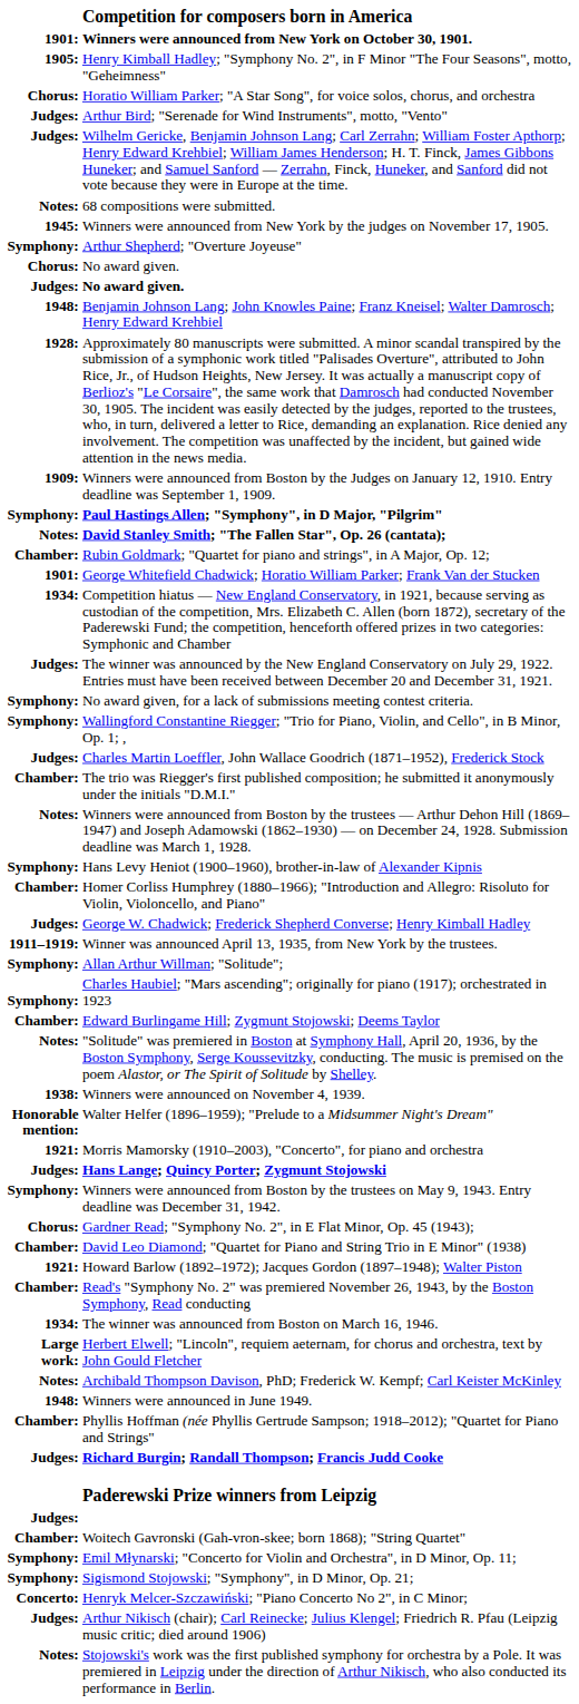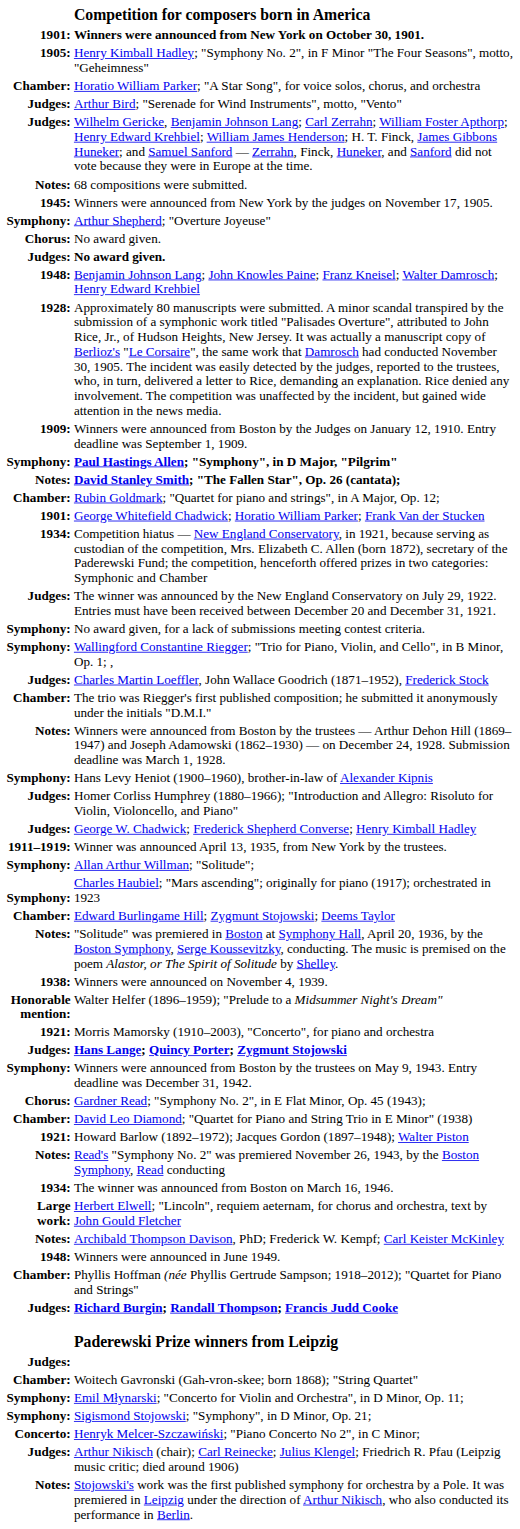 <table valign="top"; border="0" cellpadding="1" style="color:black; background-color: #FFFFFF">
 <tr valign="top">
 <td width="10%" style="text-align:right"></td>
 <td width="90%" style="text-align:left"><big><strong>Competition for composers born in America</strong></big><br></td>
 </tr>
 <tr valign="top">
 <td width="10%" style="text-align:right"><strong>1901:</strong></td>
 <td width="90%" style="text-align:left"><strong>Winners were announced from New York on October 30, 1901.</strong></td>
 </tr>
 <tr valign="top">
 <td width="10%" style="text-align:right"><strong>1905:</strong></td>
 <td width="90%" style="text-align:left"><a href='#'>Henry Kimball Hadley</a>; "Symphony No. 2", in F Minor "The Four Seasons", motto, "Geheimness"</td>
 </tr>
 <tr valign="top">
-<td width="10%" style="text-align:right"><strong>Chorus:</strong></td>
+<td width="10%" style="text-align:right"><strong>Chamber:</strong></td>
 <td width="90%" style="text-align:left"><a href='#'>Horatio William Parker</a>; "A Star Song", for voice solos, chorus, and orchestra</td>
 </tr>
 <tr valign="top">
 <td width="10%" style="text-align:right"><strong>Judges:</strong></td>
 <td width="90%" style="text-align:left"><a href='#'>Arthur Bird</a>; "Serenade for Wind Instruments", motto, "Vento"</td>
 </tr>
 <tr valign="top">
 <td width="10%" style="text-align:right"><strong>Judges:</strong></td>
 <td width="90%" style="text-align:left"><a href='#'>Wilhelm Gericke</a>, <a href='#'>Benjamin Johnson Lang</a>; <a href='#'>Carl Zerrahn</a>; <a href='#'>William Foster Apthorp</a>; <a href='#'>Henry Edward Krehbiel</a>; <a href='#'>William James Henderson</a>; H. T. Finck, <a href='#'>James Gibbons Huneker</a>; and <a href='#'>Samuel Sanford</a> — <a href='#'>Zerrahn</a>, Finck, <a href='#'>Huneker</a>, and <a href='#'>Sanford</a> did not vote because they were in Europe at the time.</td>
 </tr>
 <tr valign="top">
 <td width="10%" style="text-align:right"><strong>Notes:</strong></td>
 <td width="90%" style="text-align:left">68 compositions were submitted.<br></td>
 </tr>
 <tr valign="top">
 <td width="10%" style="text-align:right"><strong>1945:</strong></td>
 <td width="90%" style="text-align:left">Winners were announced from New York by the judges on November 17, 1905.</td>
 </tr>
 <tr valign="top">
 <td width="10%" style="text-align:right"><strong>Symphony:</strong></td>
 <td width="90%" style="text-align:left"><a href='#'>Arthur Shepherd</a>; "Overture Joyeuse"</td>
 </tr>
 <tr valign="top">
 <td width="10%" style="text-align:right"><strong>Chorus:</strong></td>
 <td width="90%" style="text-align:left">No award given.</td>
 </tr>
 <tr valign="top">
 <td width="10%" style="text-align:right"><strong>Judges:</strong></td>
 <td width="90%" style="text-align:left"><strong>No award given.</strong></td>
 </tr>
 <tr valign="top">
 <td width="10%" style="text-align:right"><strong>1948:</strong></td>
 <td width="90%" style="text-align:left"><a href='#'>Benjamin Johnson Lang</a>; <a href='#'>John Knowles Paine</a>; <a href='#'>Franz Kneisel</a>; <a href='#'>Walter Damrosch</a>; <a href='#'>Henry Edward Krehbiel</a></td>
 </tr>
 <tr valign="top">
 <td width="10%" style="text-align:right"><strong>1928:</strong></td>
 <td width="90%" style="text-align:left">Approximately 80 manuscripts were submitted.  A minor scandal transpired by the submission of a symphonic work titled "Palisades Overture", attributed to John Rice, Jr., of Hudson Heights, New Jersey.  It was actually a manuscript copy of <a href='#'>Berlioz's</a> "<a href='#'>Le Corsaire</a>", the same work that <a href='#'>Damrosch</a> had conducted November 30, 1905.  The incident was easily detected by the judges, reported to the trustees, who, in turn, delivered a letter to Rice, demanding an explanation. Rice denied any involvement.  The competition was unaffected by the incident, but gained wide attention in the news media.<br></td>
 </tr>
 <tr valign="top">
 <td width="10%" style="text-align:right"><strong>1909:</strong></td>
 <td width="90%" style="text-align:left">Winners were announced from Boston by the Judges on January 12, 1910.  Entry deadline was September 1, 1909.</td>
 </tr>
 <tr valign="top">
 <td width="10%" style="text-align:right"><strong>Symphony:</strong></td>
 <td width="90%" style="text-align:left"><strong><a href='#'>Paul Hastings Allen</a>; "Symphony", in D Major, "Pilgrim"</strong></td>
 </tr>
 <tr valign="top">
 <td width="10%" style="text-align:right"><strong>Notes:</strong></td>
 <td width="90%" style="text-align:left"><strong><a href='#'>David Stanley Smith</a>; "The Fallen Star", Op. 26 (cantata); </strong></td>
 </tr>
 <tr valign="top">
 <td width="10%" style="text-align:right"><strong>Chamber:</strong></td>
 <td width="90%" style="text-align:left"><a href='#'>Rubin Goldmark</a>; "Quartet for piano and strings", in A Major, Op. 12; </td>
 </tr>
 <tr valign="top">
 <td width="10%" style="text-align:right"><strong>1901:</strong></td>
 <td width="90%" style="text-align:left"><a href='#'>George Whitefield Chadwick</a>; <a href='#'>Horatio William Parker</a>; <a href='#'>Frank Van der Stucken</a><br></td>
 </tr>
 <tr valign="top">
 <td width="10%" style="text-align:right"><strong>1934:</strong></td>
 <td width="90%" style="text-align:left">Competition hiatus — <a href='#'>New England Conservatory</a>, in 1921, because serving as custodian of the competition, Mrs. Elizabeth C. Allen (born 1872), secretary of the Paderewski Fund; the competition, henceforth offered prizes in two categories: Symphonic and Chamber<br></td>
 </tr>
 <tr valign="top">
 <td width="10%" style="text-align:right"><strong>Judges:</strong></td>
 <td width="90%" style="text-align:left">The winner was announced by the New England Conservatory on July 29, 1922.  Entries must have been received between December 20 and December 31, 1921.</td>
 </tr>
 <tr valign="top">
 <td width="10%" style="text-align:right"><strong>Symphony:</strong></td>
 <td width="90%" style="text-align:left">No award given, for a lack of submissions meeting contest criteria.</td>
 </tr>
 <tr valign="top">
 <td width="10%" style="text-align:right"><strong>Symphony:</strong></td>
 <td width="90%" style="text-align:left"><a href='#'>Wallingford Constantine Riegger</a>; "Trio for Piano, Violin, and Cello", in B Minor, Op. 1; , </td>
 </tr>
 <tr valign="top">
 <td width="10%" style="text-align:right"><strong>Judges:</strong></td>
 <td width="90%" style="text-align:left"><a href='#'>Charles Martin Loeffler</a>, John Wallace Goodrich (1871–1952), <a href='#'>Frederick Stock</a></td>
 </tr>
 <tr valign="top">
 <td width="10%" style="text-align:right"><strong>Chamber:</strong></td>
 <td width="90%" style="text-align:left">The trio was Riegger's first published composition; he submitted it anonymously under the initials "D.M.I."<br></td>
 </tr>
 <tr valign="top">
 <td width="10%" style="text-align:right"><strong>Notes:</strong></td>
 <td width="90%" style="text-align:left">Winners were announced from Boston by the trustees — Arthur Dehon Hill (1869–1947) and Joseph Adamowski (1862–1930) — on December 24, 1928.  Submission deadline was March 1, 1928.</td>
 </tr>
 <tr valign="top">
 <td width="10%" style="text-align:right"><strong>Symphony:</strong></td>
 <td width="90%" style="text-align:left">Hans Levy Heniot (1900–1960), brother-in-law of <a href='#'>Alexander Kipnis</a></td>
 </tr>
 <tr valign="top">
-<td width="10%" style="text-align:right"><strong>Chamber:</strong></td>
+<td width="10%" style="text-align:right"><strong>Judges:</strong></td>
 <td width="90%" style="text-align:left">Homer Corliss Humphrey (1880–1966); "Introduction and Allegro: Risoluto for Violin, Violoncello, and Piano"</td>
 </tr>
 <tr valign="top">
 <td width="10%" style="text-align:right"><strong>Judges:</strong></td>
 <td width="90%" style="text-align:left"><a href='#'>George W. Chadwick</a>; <a href='#'>Frederick Shepherd Converse</a>; <a href='#'>Henry Kimball Hadley</a><br></td>
 </tr>
 <tr valign="top">
 <td width="10%" style="text-align:right"><strong>1911–1919:</strong></td>
 <td width="90%" style="text-align:left">Winner was announced April 13, 1935, from New York by the trustees.</td>
 </tr>
 <tr valign="top">
 <td width="10%" style="text-align:right"><strong>Symphony:</strong></td>
 <td width="90%" style="text-align:left"><a href='#'>Allan Arthur Willman</a>; "Solitude"; </td>
 </tr>
 <tr valign="bottom">
 <td width="10%" style="text-align:right"><strong>Symphony:</strong></td>
 <td width="90%" style="text-align:left"><a href='#'>Charles Haubiel</a>; "Mars ascending"; originally for piano (1917); orchestrated in 1923</td>
 </tr>
 <tr valign="top">
 <td width="10%" style="text-align:right"><strong>Chamber:</strong></td>
 <td width="90%" style="text-align:left"><a href='#'>Edward Burlingame Hill</a>; <a href='#'>Zygmunt Stojowski</a>; <a href='#'>Deems Taylor</a></td>
 </tr>
 <tr valign="top">
 <td width="10%" style="text-align:right"><strong>Notes:</strong></td>
 <td width="90%" style="text-align:left">"Solitude" was premiered in <a href='#'>Boston</a> at <a href='#'>Symphony Hall</a>, April 20, 1936, by the <a href='#'>Boston Symphony</a>, <a href='#'>Serge Koussevitzky</a>, conducting.  The music is premised on the poem <em>Alastor, or The Spirit of Solitude</em> by <a href='#'>Shelley</a>.<br></td>
 </tr>
 <tr valign="top">
 <td width="10%" style="text-align:right"><strong>1938:</strong></td>
 <td width="90%" style="text-align:left">Winners were announced on November 4, 1939.</td>
 </tr>
 <tr valign="top">
 <td width="10%" style="text-align:right"><strong>Honorable<br>mention:</strong></td>
 <td width="90%" style="text-align:left">Walter Helfer (1896–1959); "Prelude to a <em>Midsummer Night's Dream"</em></td>
 </tr>
 <tr valign="top">
 <td width="10%" style="text-align:right"><strong>1921:</strong></td>
 <td width="90%" style="text-align:left">Morris Mamorsky (1910–2003), "Concerto", for piano and orchestra</td>
 </tr>
 <tr valign="top">
 <td width="10%" style="text-align:right"><strong>Judges:</strong></td>
 <td width="90%" style="text-align:left"><strong><a href='#'>Hans Lange</a>; <a href='#'>Quincy Porter</a>; <a href='#'>Zygmunt Stojowski</a><br></strong></td>
 </tr>
 <tr valign="top">
 <td width="10%" style="text-align:right"><strong>Symphony:</strong></td>
 <td width="90%" style="text-align:left">Winners were announced from Boston by the trustees on May 9, 1943.  Entry deadline was December 31, 1942.</td>
 </tr>
 <tr valign="top">
 <td width="10%" style="text-align:right"><strong>Chorus:</strong></td>
 <td width="90%" style="text-align:left"><a href='#'>Gardner Read</a>; "Symphony No. 2", in E Flat Minor, Op. 45 (1943); </td>
 </tr>
 <tr valign="top">
 <td width="10%" style="text-align:right"><strong>Chamber:</strong></td>
 <td width="90%" style="text-align:left"><a href='#'>David Leo Diamond</a>; "Quartet for Piano and String Trio in E Minor" (1938)</td>
 </tr>
 <tr valign="top">
 <td width="10%" style="text-align:right"><strong>1921:</strong></td>
 <td width="90%" style="text-align:left">Howard Barlow (1892–1972); Jacques Gordon (1897–1948); <a href='#'>Walter Piston</a></td>
 </tr>
 <tr valign="top">
-<td width="10%" style="text-align:right"><strong>Chamber:</strong></td>
+<td width="10%" style="text-align:right"><strong>Notes:</strong></td>
 <td width="90%" style="text-align:left"><a href='#'>Read's</a> "Symphony No. 2" was premiered November 26, 1943, by the <a href='#'>Boston Symphony</a>, <a href='#'>Read</a> conducting<br></td>
 </tr>
 <tr valign="top">
 <td width="10%" style="text-align:right"><strong>1934:</strong></td>
 <td width="90%" style="text-align:left">The winner was announced from Boston on March 16, 1946.</td>
 </tr>
 <tr valign="top">
 <td width="10%" style="text-align:right"><strong>Large work:</strong></td>
 <td width="90%" style="text-align:left"><a href='#'>Herbert Elwell</a>; "Lincoln", requiem aeternam, for chorus and orchestra, text by <a href='#'>John Gould Fletcher</a></td>
 </tr>
 <tr valign="top">
 <td width="10%" style="text-align:right"><strong>Notes:</strong></td>
 <td width="90%" style="text-align:left"><a href='#'>Archibald Thompson Davison</a>, PhD; Frederick W. Kempf; <a href='#'>Carl Keister McKinley</a><br></td>
 </tr>
 <tr valign="top">
 <td width="10%" style="text-align:right"><strong>1948:</strong></td>
 <td width="90%" style="text-align:left">Winners were announced in June 1949.</td>
 </tr>
 <tr valign="top">
 <td width="10%" style="text-align:right"><strong>Chamber:</strong></td>
 <td width="90%" style="text-align:left">Phyllis Hoffman <em>(née</em> Phyllis Gertrude Sampson; 1918–2012); "Quartet for Piano and Strings"</td>
 </tr>
 <tr valign="top">
 <td width="10%" style="text-align:right"><strong>Judges:</strong></td>
 <td width="90%" style="text-align:left"><strong><a href='#'>Richard Burgin</a>; <a href='#'>Randall Thompson</a>; <a href='#'>Francis Judd Cooke</a><br><br></strong></td>
 </tr>
 <tr valign="top">
 <td width="10%" style="text-align:right"></td>
 <td width="90%" style="text-align:left"><big><strong>Paderewski Prize winners from Leipzig</strong></big><br></td>
 </tr>
 <tr valign="top">
 <td width="10%" style="text-align:right"><strong>Judges:</strong></td>
 <td width="90%" style="text-align:left"></td>
 </tr>
 <tr valign="top">
 <td width="10%" style="text-align:right"><strong>Chamber:</strong></td>
 <td width="90%" style="text-align:left">Woitech Gavronski (Gah-vron-skee; born 1868); "String Quartet"</td>
 </tr>
 <tr valign="top">
 <td width="10%" style="text-align:right"><strong>Symphony:</strong></td>
 <td width="90%" style="text-align:left"><a href='#'>Emil Młynarski</a>; "Concerto for Violin and Orchestra", in D Minor, Op. 11; </td>
 </tr>
 <tr valign="top">
 <td width="10%" style="text-align:right"><strong>Symphony:</strong></td>
 <td width="90%" style="text-align:left"><a href='#'>Sigismond Stojowski</a>; "Symphony", in D Minor, Op. 21; </td>
 </tr>
 <tr valign="top">
 <td width="10%" style="text-align:right"><strong>Concerto:</strong></td>
 <td width="90%" style="text-align:left"><a href='#'>Henryk Melcer-Szczawiński</a>; "Piano Concerto No 2", in C Minor; </td>
 </tr>
 <tr valign="top">
 <td width="10%" style="text-align:right"><strong>Judges:</strong></td>
 <td width="90%" style="text-align:left"><a href='#'>Arthur Nikisch</a> (chair); <a href='#'>Carl Reinecke</a>; <a href='#'>Julius Klengel</a>; Friedrich R. Pfau (Leipzig music critic; died around 1906)</td>
 </tr>
 <tr valign="top">
 <td width="10%" style="text-align:right"><strong>Notes:</strong></td>
 <td width="90%" style="text-align:left"><a href='#'>Stojowski's</a> work was the first published symphony for orchestra by a Pole.  It was premiered in <a href='#'>Leipzig</a> under the direction of <a href='#'>Arthur Nikisch</a>, who also conducted its performance in <a href='#'>Berlin</a>.</td>
 </tr>
 </table>
